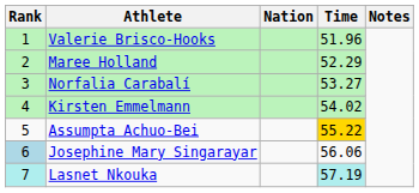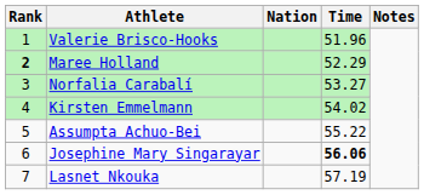 <table class="wikitable sortable" style="text-align:center">
 <tr>
 <th>Rank</th>
 <th>Athlete</th>
 <th>Nation</th>
 <th>Time</th>
 <th>Notes</th>
 </tr>
 <tr style="background:#bbf3bb;">
 <td>1</td>
 <td align=left><a href='#'>Valerie Brisco-Hooks</a></td>
 <td align=left></td>
 <td>51.96</td>
 </tr>
 <tr style="background:#bbf3bb;">
-<td>2</td>
+<td><strong>2</strong></td>
 <td align=left><a href='#'>Maree Holland</a></td>
 <td align=left></td>
 <td>52.29</td>
 </tr>
 <tr style="background:#bbf3bb;">
 <td>3</td>
 <td align=left><a href='#'>Norfalia Carabalí</a></td>
 <td align=left></td>
 <td>53.27</td>
 </tr>
 <tr style="background:#bbf3bb;">
 <td>4</td>
 <td align=left><a href='#'>Kirsten Emmelmann</a></td>
 <td align=left></td>
 <td>54.02</td>
 </tr>
 <tr>
 <td>5</td>
 <td align=left><a href='#'>Assumpta Achuo-Bei</a></td>
 <td align=left></td>
-<td style="background: gold;">55.22</td>
+<td>55.22</td>
 </tr>
 <tr>
-<td style="background: lightblue;">6</td>
+<td>6</td>
 <td align=left><a href='#'>Josephine Mary Singarayar</a></td>
 <td align=left></td>
-<td>56.06</td>
+<td><strong>56.06</strong></td>
 </tr>
 <tr>
-<td style="background: paleturquoise;">7</td>
+<td>7</td>
 <td align=left><a href='#'>Lasnet Nkouka</a></td>
 <td align=left></td>
-<td style="background: paleturquoise;">57.19</td>
+<td>57.19</td>
 </tr>
 </table>
